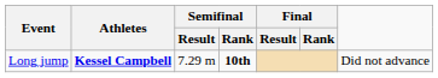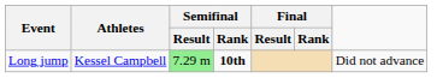 <table class="wikitable" border="1" style="font-size:90%">
 <tr>
 <th rowspan=2>Event</th>
 <th rowspan=2>Athletes</th>
 <th colspan=2>Semifinal</th>
 <th colspan=2>Final</th>
 </tr>
 <tr>
 <th>Result</th>
 <th>Rank</th>
 <th>Result</th>
 <th>Rank</th>
 </tr>
 <tr>
 <td><a href='#'>Long jump</a></td>
-<td><strong><a href='#'>Kessel Campbell</a></strong></td>
-<td align=center>7.29 m</td>
+<td><a href='#'>Kessel Campbell</a></td>
+<td align=center style="background: lightgreen;">7.29 m</td>
 <td align=center><strong>10th</strong></td>
 <td colspan=2 bgcolor=wheat></td>
 <td align=center colspan="7">Did not advance</td>
 </tr>
 </table>
